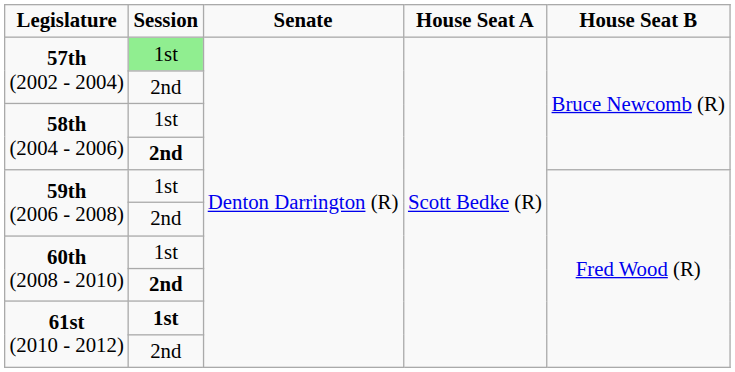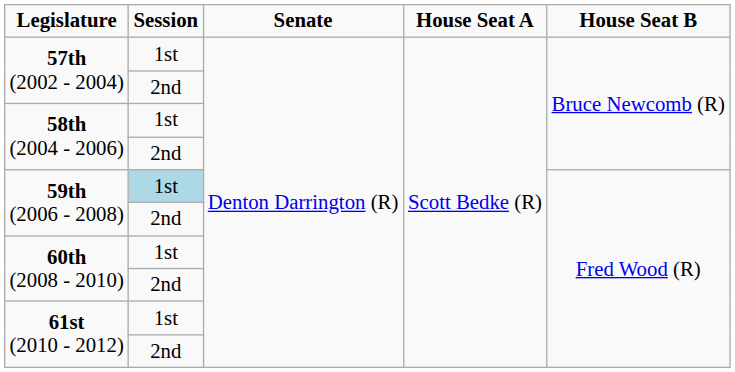 <table class=wikitable style="text-align:center">
 <tr>
 <td><strong>Legislature</strong></td>
 <td><strong>Session</strong></td>
 <td><strong>Senate</strong></td>
 <td><strong>House Seat A</strong></td>
 <td><strong>House Seat B</strong></td>
 </tr>
 <tr>
 <td rowspan="2" colspan="1" style="text-align: center;"><strong>57th</strong> <br> (2002 - 2004)</td>
-<td style="background: lightgreen;">1st</td>
+<td>1st</td>
 <td rowspan="10" colspan="1" style="text-align: center;" ><a href='#'>Denton Darrington</a> (R)</td>
 <td rowspan="10" colspan="1" style="text-align: center;" ><a href='#'>Scott Bedke</a> (R)</td>
 <td rowspan="4" colspan="1" style="text-align: center;" ><a href='#'>Bruce Newcomb</a> (R)</td>
 </tr>
 <tr>
 <td>2nd</td>
 </tr>
 <tr>
 <td rowspan="2" colspan="1" style="text-align: center;"><strong>58th</strong> <br> (2004 - 2006)</td>
 <td>1st</td>
 </tr>
 <tr>
-<td><strong>2nd</strong></td>
+<td>2nd</td>
 </tr>
 <tr>
 <td rowspan="2" colspan="1" style="text-align: center;"><strong>59th</strong> <br> (2006 - 2008)</td>
-<td>1st</td>
+<td style="background: lightblue;">1st</td>
 <td rowspan="6" colspan="1" style="text-align: center;" ><a href='#'>Fred Wood</a> (R)</td>
 </tr>
 <tr>
 <td>2nd</td>
 </tr>
 <tr>
 <td rowspan="2" colspan="1" style="text-align: center;"><strong>60th</strong> <br> (2008 - 2010)</td>
 <td>1st</td>
 </tr>
 <tr>
-<td><strong>2nd</strong></td>
+<td>2nd</td>
 </tr>
 <tr>
 <td rowspan="2" colspan="1" style="text-align: center;"><strong>61st</strong> <br> (2010 - 2012)</td>
-<td><strong>1st</strong></td>
+<td>1st</td>
 </tr>
 <tr>
 <td>2nd</td>
 </tr>
 </table>
